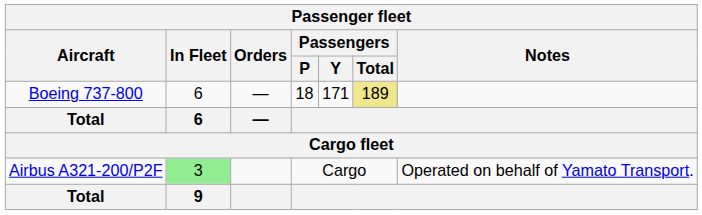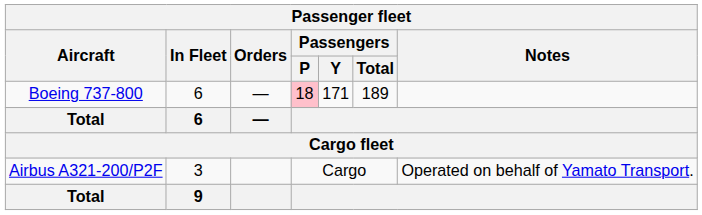 <table class="wikitable" style="border-collapse:collapse;text-align:center;margin:auto;">
 <tr>
 <th colspan="7" !>Passenger fleet</th>
 </tr>
 <tr>
 <th rowspan="2">Aircraft</th>
 <th rowspan="2">In Fleet</th>
 <th rowspan="2">Orders</th>
 <th colspan="3">Passengers</th>
 <th rowspan="2">Notes</th>
 </tr>
 <tr>
 <th style="width:20px;"><abbr>P</abbr></th>
 <th style="width:20px;"><abbr>Y</abbr></th>
 <th style="width:20px;">Total</th>
 </tr>
 <tr>
 <td><a href='#'>Boeing 737-800</a></td>
 <td>6</td>
 <td>—</td>
-<td>18</td>
+<td style="background: pink;">18</td>
 <td>171</td>
-<td style="background: khaki;">189</td>
+<td>189</td>
 <td></td>
 </tr>
 <tr>
 <th>Total</th>
 <th>6</th>
 <th>—</th>
 <th colspan="4"></th>
 </tr>
 <tr>
 <th colspan="7" !>Cargo fleet</th>
 </tr>
 <tr>
 <td><a href='#'>Airbus A321-200/P2F</a></td>
-<td style="background: lightgreen;">3</td>
+<td>3</td>
 <td></td>
 <td colspan="3"><abbr>Cargo</abbr></td>
 <td>Operated on behalf of <a href='#'>Yamato Transport</a>.</td>
 </tr>
 <tr>
 <th>Total</th>
 <th>9</th>
 <th></th>
 <th colspan=4></th>
 </tr>
 </table>
